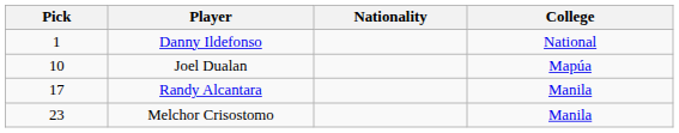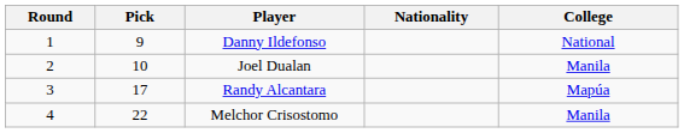 <table class="wikitable sortable sortable">
 <tr>
+<th width="10%">Round</th>
 <th width="10%">Pick</th>
 <th width="20%">Player</th>
 <th width="15%">Nationality</th>
 <th width="20%">College</th>
 </tr>
 <tr style="text-align: center">
 <td>1</td>
+<td>9</td>
 <td><a href='#'>Danny Ildefonso</a></td>
 <td></td>
 <td><a href='#'>National</a></td>
 </tr>
 <tr style="text-align: center">
+<td>2</td>
 <td>10</td>
 <td>Joel Dualan</td>
+<td></td>
+<td><a href='#'>Manila</a></td>
+</tr>
+<tr style="text-align: center">
+<td>3</td>
+<td>17</td>
+<td><a href='#'>Randy Alcantara</a></td>
 <td></td>
 <td><a href='#'>Mapúa</a></td>
 </tr>
 <tr style="text-align: center">
-<td>17</td>
-<td><a href='#'>Randy Alcantara</a></td>
-<td></td>
-<td><a href='#'>Manila</a></td>
-</tr>
-<tr style="text-align: center">
-<td>23</td>
+<td>4</td>
+<td>22</td>
 <td>Melchor Crisostomo</td>
 <td></td>
 <td><a href='#'>Manila</a></td>
 </tr>
 </table>
